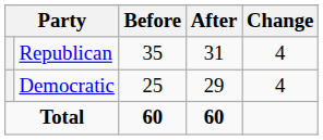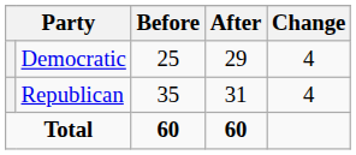 <table class="wikitable" style="text-align:center;">
 <tr>
 </tr>
 <tr>
 <th colspan=2>Party</th>
 <th>Before</th>
 <th>After</th>
 <th>Change</th>
 </tr>
 <tr>
 <th style="background-color:"></th>
-<td style="text-align:left;"><a href='#'>Republican</a></td>
-<td>35</td>
-<td>31</td>
+<td style="text-align:left;"><a href='#'>Democratic</a></td>
+<td>25</td>
+<td>29</td>
 <td> 4</td>
 </tr>
 <tr>
 <th style="background-color:"></th>
-<td style="text-align:left;"><a href='#'>Democratic</a></td>
-<td>25</td>
-<td>29</td>
+<td style="text-align:left;"><a href='#'>Republican</a></td>
+<td>35</td>
+<td>31</td>
 <td> 4</td>
 </tr>
 <tr>
 <td colspan=2><strong>Total</strong></td>
 <td><strong>60</strong></td>
 <td><strong>60</strong></td>
 <td></td>
 </tr>
 </table>
